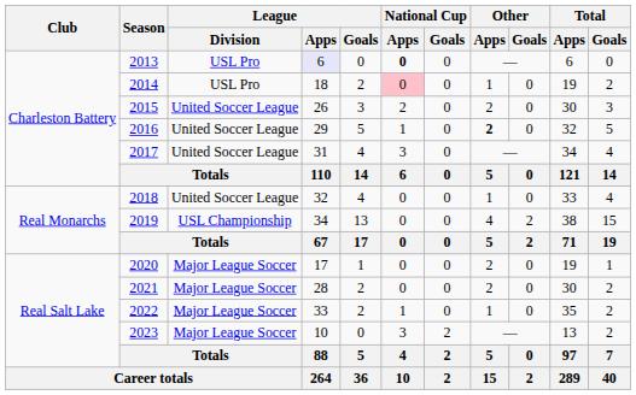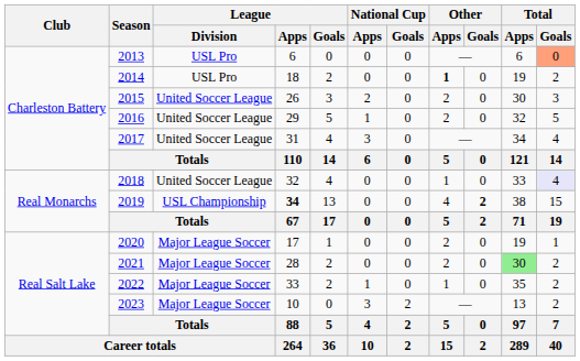 <table class="wikitable" style="text-align:center">
 <tr>
 <th rowspan="2">Club</th>
 <th rowspan="2">Season</th>
 <th colspan="3">League</th>
 <th colspan="2">National Cup</th>
 <th colspan="2">Other</th>
 <th colspan="2">Total</th>
 </tr>
 <tr>
 <th>Division</th>
 <th>Apps</th>
 <th>Goals</th>
 <th>Apps</th>
 <th>Goals</th>
 <th>Apps</th>
 <th>Goals</th>
 <th>Apps</th>
 <th>Goals</th>
 </tr>
 <tr>
 <td rowspan="6"><a href='#'>Charleston Battery</a></td>
 <td><a href='#'>2013</a></td>
 <td><a href='#'>USL Pro</a></td>
-<td style="background: lavender;">6</td>
+<td>6</td>
 <td>0</td>
-<td><strong>0</strong></td>
+<td>0</td>
 <td>0</td>
 <td colspan="2">—</td>
 <td>6</td>
-<td>0</td>
+<td style="background: lightsalmon;">0</td>
 </tr>
 <tr>
 <td><a href='#'>2014</a></td>
 <td>USL Pro</td>
 <td>18</td>
 <td>2</td>
-<td style="background: pink;">0</td>
 <td>0</td>
-<td>1</td>
+<td>0</td>
+<td><strong>1</strong></td>
 <td>0</td>
 <td>19</td>
 <td>2</td>
 </tr>
 <tr>
 <td><a href='#'>2015</a></td>
 <td><a href='#'>United Soccer League</a></td>
 <td>26</td>
 <td>3</td>
 <td>2</td>
 <td>0</td>
 <td>2</td>
 <td>0</td>
 <td>30</td>
 <td>3</td>
 </tr>
 <tr>
 <td><a href='#'>2016</a></td>
 <td>United Soccer League</td>
 <td>29</td>
 <td>5</td>
 <td>1</td>
 <td>0</td>
-<td><strong>2</strong></td>
+<td>2</td>
 <td>0</td>
 <td>32</td>
 <td>5</td>
 </tr>
 <tr>
 <td><a href='#'>2017</a></td>
 <td>United Soccer League</td>
 <td>31</td>
 <td>4</td>
 <td>3</td>
 <td>0</td>
 <td colspan="2">—</td>
 <td>34</td>
 <td>4</td>
 </tr>
 <tr>
 <th colspan="2">Totals</th>
 <th>110</th>
 <th>14</th>
 <th>6</th>
 <th>0</th>
 <th>5</th>
 <th>0</th>
 <th>121</th>
 <th>14</th>
 </tr>
 <tr>
 <td rowspan="3"><a href='#'>Real Monarchs</a></td>
 <td><a href='#'>2018</a></td>
 <td>United Soccer League</td>
 <td>32</td>
 <td>4</td>
 <td>0</td>
 <td>0</td>
 <td>1</td>
 <td>0</td>
 <td>33</td>
-<td>4</td>
+<td style="background: lavender;">4</td>
 </tr>
 <tr>
 <td><a href='#'>2019</a></td>
 <td><a href='#'>USL Championship</a></td>
-<td>34</td>
+<td><strong>34</strong></td>
 <td>13</td>
 <td>0</td>
 <td>0</td>
 <td>4</td>
-<td>2</td>
+<td><strong>2</strong></td>
 <td>38</td>
 <td>15</td>
 </tr>
 <tr>
 <th colspan="2">Totals</th>
 <th>67</th>
 <th>17</th>
 <th>0</th>
 <th>0</th>
 <th>5</th>
 <th>2</th>
 <th>71</th>
 <th>19</th>
 </tr>
 <tr>
 <td rowspan="5"><a href='#'>Real Salt Lake</a></td>
 <td><a href='#'>2020</a></td>
 <td><a href='#'>Major League Soccer</a></td>
 <td>17</td>
 <td>1</td>
 <td>0</td>
 <td>0</td>
 <td>2</td>
 <td>0</td>
 <td>19</td>
 <td>1</td>
 </tr>
 <tr>
 <td><a href='#'>2021</a></td>
 <td><a href='#'>Major League Soccer</a></td>
 <td>28</td>
 <td>2</td>
 <td>0</td>
 <td>0</td>
 <td>2</td>
 <td>0</td>
-<td>30</td>
+<td style="background: lightgreen;">30</td>
 <td>2</td>
 </tr>
 <tr>
 <td><a href='#'>2022</a></td>
 <td><a href='#'>Major League Soccer</a></td>
 <td>33</td>
 <td>2</td>
 <td>1</td>
 <td>0</td>
 <td>1</td>
 <td>0</td>
 <td>35</td>
 <td>2</td>
 </tr>
 <tr>
 <td><a href='#'>2023</a></td>
 <td><a href='#'>Major League Soccer</a></td>
 <td>10</td>
 <td>0</td>
 <td>3</td>
 <td>2</td>
 <td colspan="2">—</td>
 <td>13</td>
 <td>2</td>
 </tr>
 <tr>
 <th colspan="2">Totals</th>
 <th>88</th>
 <th>5</th>
 <th>4</th>
 <th>2</th>
 <th>5</th>
 <th>0</th>
 <th>97</th>
 <th>7</th>
 </tr>
 <tr>
 <th colspan="3">Career totals</th>
 <th>264</th>
 <th>36</th>
 <th>10</th>
 <th>2</th>
 <th>15</th>
 <th>2</th>
 <th>289</th>
 <th>40</th>
 </tr>
 </table>
